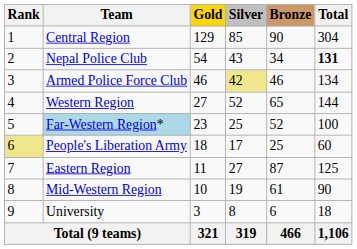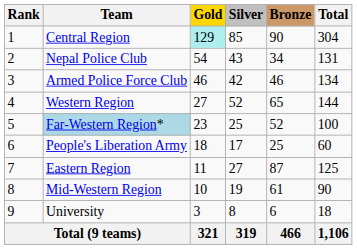 <table class="wikitable sortable">
 <tr>
 <th>Rank</th>
 <th>Team</th>
 <th style="background:gold">Gold</th>
 <th style="background:silver">Silver</th>
 <th style="background:#cc9966">Bronze</th>
 <th>Total</th>
 </tr>
 <tr>
 <td>1</td>
 <td><a href='#'>Central Region</a></td>
-<td>129</td>
+<td style="background: paleturquoise;">129</td>
 <td>85</td>
 <td>90</td>
 <td>304</td>
 </tr>
 <tr>
 <td>2</td>
 <td><a href='#'>Nepal Police Club</a></td>
 <td>54</td>
 <td>43</td>
 <td>34</td>
-<td><strong>131</strong></td>
+<td>131</td>
 </tr>
 <tr>
 <td>3</td>
 <td><a href='#'>Armed Police Force Club</a></td>
 <td>46</td>
-<td style="background: khaki;">42</td>
+<td>42</td>
 <td>46</td>
 <td>134</td>
 </tr>
 <tr>
 <td>4</td>
 <td><a href='#'>Western Region</a></td>
 <td>27</td>
 <td>52</td>
 <td>65</td>
 <td>144</td>
 </tr>
 <tr>
 <td>5</td>
 <td style="background:lightblue"><a href='#'>Far-Western Region</a>*</td>
 <td>23</td>
 <td>25</td>
 <td>52</td>
 <td>100</td>
 </tr>
 <tr>
-<td style="background: khaki;">6</td>
+<td>6</td>
 <td><a href='#'>People's Liberation Army</a></td>
 <td>18</td>
 <td>17</td>
 <td>25</td>
 <td>60</td>
 </tr>
 <tr>
 <td>7</td>
 <td><a href='#'>Eastern Region</a></td>
 <td>11</td>
 <td>27</td>
 <td>87</td>
 <td>125</td>
 </tr>
 <tr>
 <td>8</td>
 <td><a href='#'>Mid-Western Region</a></td>
 <td>10</td>
 <td>19</td>
 <td>61</td>
 <td>90</td>
 </tr>
 <tr>
 <td>9</td>
 <td>University</td>
 <td>3</td>
 <td>8</td>
 <td>6</td>
 <td>18</td>
 </tr>
 <tr>
 <th colspan="2">Total (9 teams)</th>
 <th>321</th>
 <th>319</th>
 <th>466</th>
 <th>1,106</th>
 </tr>
 </table>
